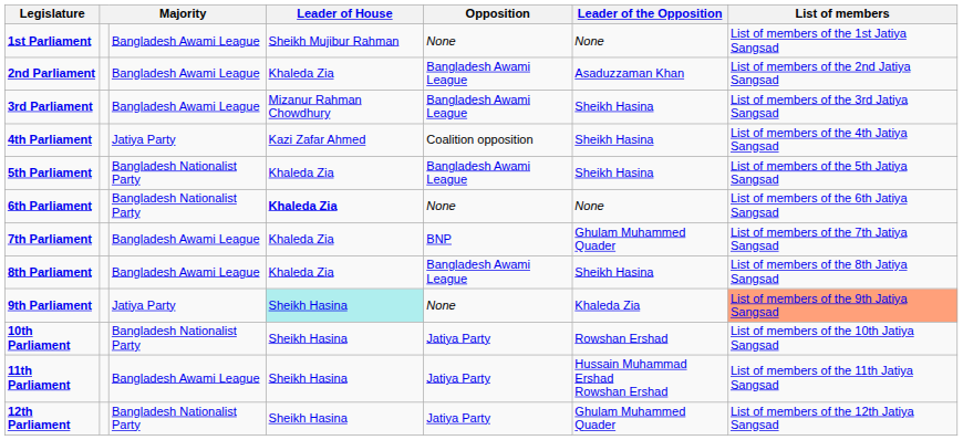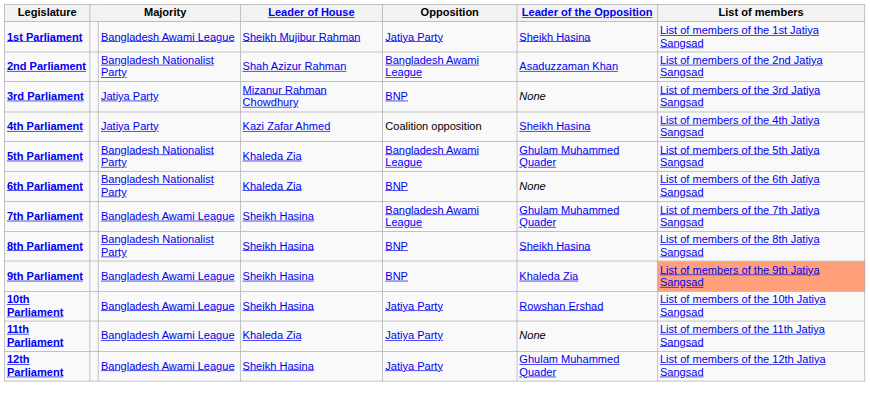 <table class="wikitable">
 <tr>
 <th>Legislature</th>
 <th colspan="2">Majority</th>
 <th><a href='#'>Leader of House</a></th>
 <th>Opposition</th>
 <th><a href='#'>Leader of the Opposition</a></th>
 <th>List of members</th>
 </tr>
 <tr>
 <td><strong><a href='#'>1st Parliament</a></strong></td>
 <td style="background:"> </td>
 <td><a href='#'>Bangladesh Awami League</a></td>
 <td><a href='#'>Sheikh Mujibur Rahman</a></td>
-<td><em>None</em></td>
-<td><em>None</em></td>
+<td><a href='#'>Jatiya Party</a></td>
+<td><a href='#'>Sheikh Hasina</a></td>
 <td><a href='#'>List of members of the 1st Jatiya Sangsad</a></td>
 </tr>
 <tr>
 <td><strong><a href='#'>2nd Parliament</a></strong></td>
 <td style="background:"> </td>
-<td><a href='#'>Bangladesh Awami League</a></td>
-<td><a href='#'>Khaleda Zia</a></td>
+<td><a href='#'>Bangladesh Nationalist Party</a></td>
+<td><a href='#'>Shah Azizur Rahman</a></td>
 <td><a href='#'>Bangladesh Awami League</a></td>
 <td><a href='#'>Asaduzzaman Khan</a></td>
 <td><a href='#'>List of members of the 2nd Jatiya Sangsad</a></td>
 </tr>
 <tr>
 <td><strong><a href='#'>3rd Parliament</a></strong></td>
 <td style="background:"> </td>
-<td><a href='#'>Bangladesh Awami League</a></td>
+<td><a href='#'>Jatiya Party</a></td>
 <td><a href='#'>Mizanur Rahman Chowdhury</a></td>
-<td><a href='#'>Bangladesh Awami League</a></td>
-<td><a href='#'>Sheikh Hasina</a></td>
+<td><a href='#'>BNP</a></td>
+<td><em>None</em></td>
 <td><a href='#'>List of members of the 3rd Jatiya Sangsad</a></td>
 </tr>
 <tr>
 <td><strong><a href='#'>4th Parliament</a></strong></td>
 <td style="background:"> </td>
 <td><a href='#'>Jatiya Party</a></td>
 <td><a href='#'>Kazi Zafar Ahmed</a></td>
 <td>Coalition opposition</td>
 <td><a href='#'>Sheikh Hasina</a></td>
 <td><a href='#'>List of members of the 4th Jatiya Sangsad</a></td>
 </tr>
 <tr>
 <td><strong><a href='#'>5th Parliament</a></strong></td>
 <td style="background:"> </td>
 <td><a href='#'>Bangladesh Nationalist Party</a></td>
 <td><a href='#'>Khaleda Zia</a></td>
 <td><a href='#'>Bangladesh Awami League</a></td>
-<td><a href='#'>Sheikh Hasina</a></td>
+<td><a href='#'>Ghulam Muhammed Quader</a></td>
 <td><a href='#'>List of members of the 5th Jatiya Sangsad</a></td>
 </tr>
 <tr>
 <td><strong><a href='#'>6th Parliament</a></strong></td>
 <td style="background:"> </td>
 <td><a href='#'>Bangladesh Nationalist Party</a></td>
-<td><strong><a href='#'>Khaleda Zia</a></strong></td>
-<td><em>None</em></td>
+<td><a href='#'>Khaleda Zia</a></td>
+<td><a href='#'>BNP</a></td>
 <td><em>None</em></td>
 <td><a href='#'>List of members of the 6th Jatiya Sangsad</a></td>
 </tr>
 <tr>
 <td><strong><a href='#'>7th Parliament</a></strong></td>
 <td style="background:"> </td>
 <td><a href='#'>Bangladesh Awami League</a></td>
-<td><a href='#'>Khaleda Zia</a></td>
-<td><a href='#'>BNP</a></td>
+<td><a href='#'>Sheikh Hasina</a></td>
+<td><a href='#'>Bangladesh Awami League</a></td>
 <td><a href='#'>Ghulam Muhammed Quader</a></td>
 <td><a href='#'>List of members of the 7th Jatiya Sangsad</a></td>
 </tr>
 <tr>
 <td><strong><a href='#'>8th Parliament</a></strong></td>
 <td style="background:"> </td>
-<td><a href='#'>Bangladesh Awami League</a></td>
-<td><a href='#'>Khaleda Zia</a></td>
-<td><a href='#'>Bangladesh Awami League</a></td>
+<td><a href='#'>Bangladesh Nationalist Party</a></td>
+<td><a href='#'>Sheikh Hasina</a></td>
+<td><a href='#'>BNP</a></td>
 <td><a href='#'>Sheikh Hasina</a></td>
 <td><a href='#'>List of members of the 8th Jatiya Sangsad</a></td>
 </tr>
 <tr>
 <td><strong><a href='#'>9th Parliament</a></strong></td>
 <td style="background:"> </td>
-<td><a href='#'>Jatiya Party</a></td>
-<td style="background: paleturquoise;"><a href='#'>Sheikh Hasina</a></td>
-<td><em>None</em></td>
+<td><a href='#'>Bangladesh Awami League</a></td>
+<td><a href='#'>Sheikh Hasina</a></td>
+<td><a href='#'>BNP</a></td>
 <td><a href='#'>Khaleda Zia</a></td>
 <td style="background: lightsalmon;"><a href='#'>List of members of the 9th Jatiya Sangsad</a></td>
 </tr>
 <tr>
 <td><strong><a href='#'>10th Parliament</a></strong></td>
 <td style="background:"> </td>
-<td><a href='#'>Bangladesh Nationalist Party</a></td>
+<td><a href='#'>Bangladesh Awami League</a></td>
 <td><a href='#'>Sheikh Hasina</a></td>
 <td><a href='#'>Jatiya Party</a></td>
 <td><a href='#'>Rowshan Ershad</a></td>
 <td><a href='#'>List of members of the 10th Jatiya Sangsad</a></td>
 </tr>
 <tr>
 <td><strong><a href='#'>11th Parliament</a></strong></td>
 <td style="background:"> </td>
 <td><a href='#'>Bangladesh Awami League</a></td>
-<td><a href='#'>Sheikh Hasina</a></td>
+<td><a href='#'>Khaleda Zia</a></td>
 <td><a href='#'>Jatiya Party</a></td>
-<td><a href='#'>Hussain Muhammad Ershad</a><br><a href='#'>Rowshan Ershad</a></td>
+<td><em>None</em></td>
 <td><a href='#'>List of members of the 11th Jatiya Sangsad</a></td>
 </tr>
 <tr>
 <td><strong><a href='#'>12th Parliament</a></strong></td>
 <td style="background:"> </td>
-<td><a href='#'>Bangladesh Nationalist Party</a></td>
+<td><a href='#'>Bangladesh Awami League</a></td>
 <td><a href='#'>Sheikh Hasina</a></td>
 <td><a href='#'>Jatiya Party</a></td>
 <td><a href='#'>Ghulam Muhammed Quader</a></td>
 <td><a href='#'>List of members of the 12th Jatiya Sangsad</a></td>
 </tr>
 </table>
